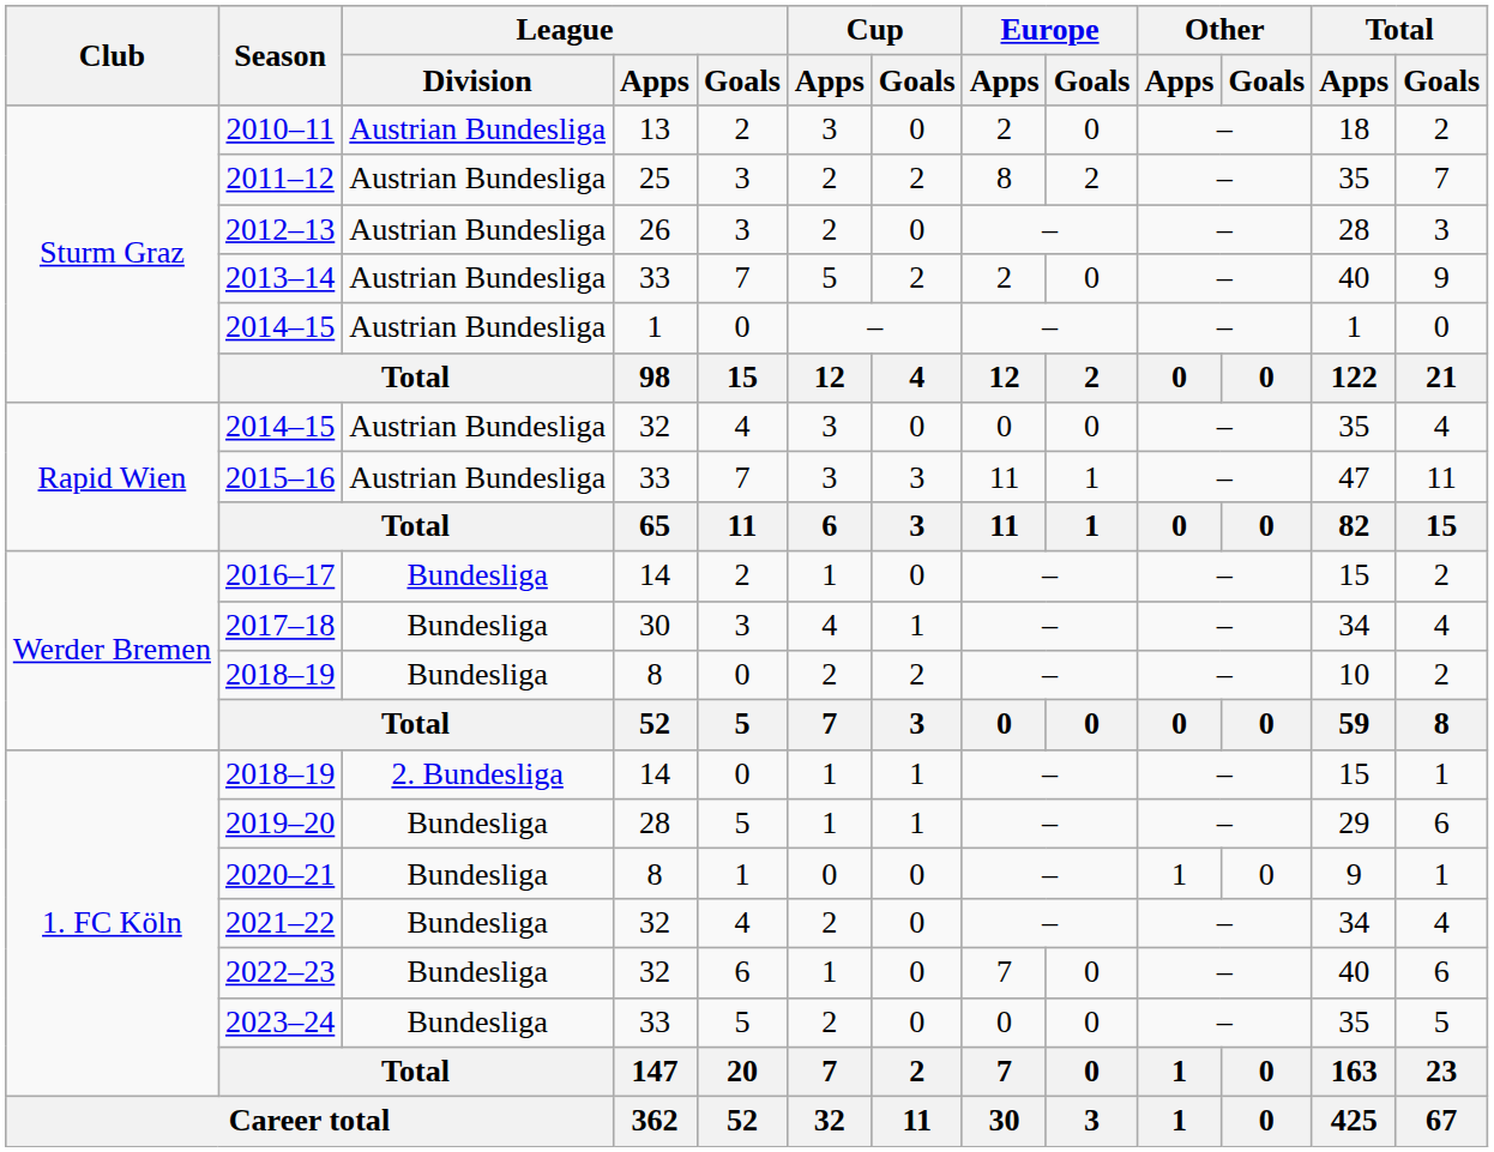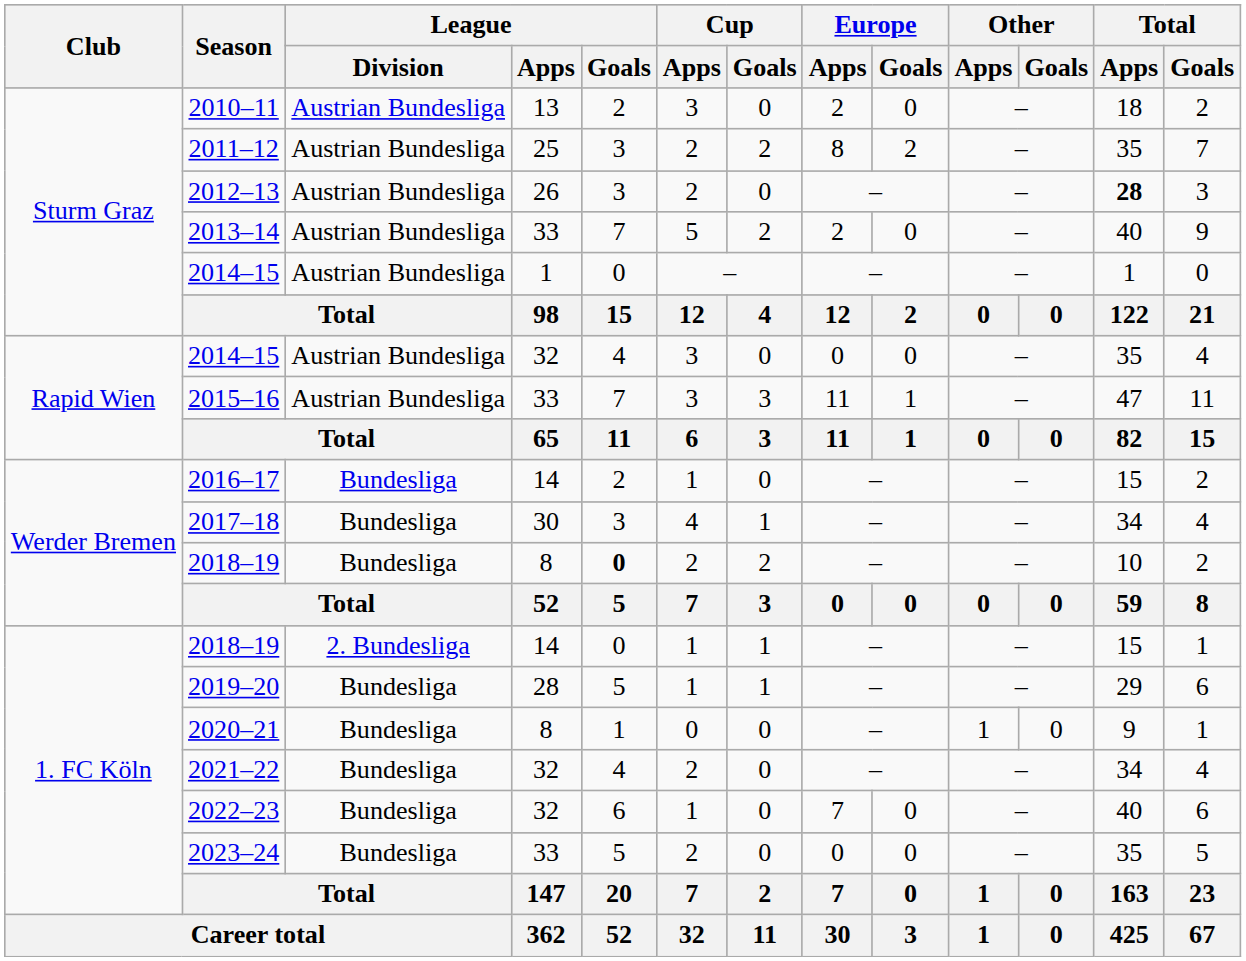 <table class="wikitable" style="text-align: center">
 <tr>
 <th rowspan="2">Club</th>
 <th rowspan="2">Season</th>
 <th colspan="3">League</th>
 <th colspan="2">Cup</th>
 <th colspan="2"><a href='#'>Europe</a></th>
 <th colspan="2">Other</th>
 <th colspan="2">Total</th>
 </tr>
 <tr>
 <th>Division</th>
 <th>Apps</th>
 <th>Goals</th>
 <th>Apps</th>
 <th>Goals</th>
 <th>Apps</th>
 <th>Goals</th>
 <th>Apps</th>
 <th>Goals</th>
 <th>Apps</th>
 <th>Goals</th>
 </tr>
 <tr>
 <td rowspan="6"><a href='#'>Sturm Graz</a></td>
 <td><a href='#'>2010–11</a></td>
 <td><a href='#'>Austrian Bundesliga</a></td>
 <td>13</td>
 <td>2</td>
 <td>3</td>
 <td>0</td>
 <td>2</td>
 <td>0</td>
 <td colspan="2">–</td>
 <td>18</td>
 <td>2</td>
 </tr>
 <tr>
 <td><a href='#'>2011–12</a></td>
 <td>Austrian Bundesliga</td>
 <td>25</td>
 <td>3</td>
 <td>2</td>
 <td>2</td>
 <td>8</td>
 <td>2</td>
 <td colspan="2">–</td>
 <td>35</td>
 <td>7</td>
 </tr>
 <tr>
 <td><a href='#'>2012–13</a></td>
 <td>Austrian Bundesliga</td>
 <td>26</td>
 <td>3</td>
 <td>2</td>
 <td>0</td>
 <td colspan="2">–</td>
 <td colspan="2">–</td>
-<td>28</td>
+<td><strong>28</strong></td>
 <td>3</td>
 </tr>
 <tr>
 <td><a href='#'>2013–14</a></td>
 <td>Austrian Bundesliga</td>
 <td>33</td>
 <td>7</td>
 <td>5</td>
 <td>2</td>
 <td>2</td>
 <td>0</td>
 <td colspan="2">–</td>
 <td>40</td>
 <td>9</td>
 </tr>
 <tr>
 <td><a href='#'>2014–15</a></td>
 <td>Austrian Bundesliga</td>
 <td>1</td>
 <td>0</td>
 <td colspan="2">–</td>
 <td colspan="2">–</td>
 <td colspan="2">–</td>
 <td>1</td>
 <td>0</td>
 </tr>
 <tr>
 <th colspan="2">Total</th>
 <th>98</th>
 <th>15</th>
 <th>12</th>
 <th>4</th>
 <th>12</th>
 <th>2</th>
 <th>0</th>
 <th>0</th>
 <th>122</th>
 <th>21</th>
 </tr>
 <tr>
 <td rowspan="3"><a href='#'>Rapid Wien</a></td>
 <td><a href='#'>2014–15</a></td>
 <td>Austrian Bundesliga</td>
 <td>32</td>
 <td>4</td>
 <td>3</td>
 <td>0</td>
 <td>0</td>
 <td>0</td>
 <td colspan="2">–</td>
 <td>35</td>
 <td>4</td>
 </tr>
 <tr>
 <td><a href='#'>2015–16</a></td>
 <td>Austrian Bundesliga</td>
 <td>33</td>
 <td>7</td>
 <td>3</td>
 <td>3</td>
 <td>11</td>
 <td>1</td>
 <td colspan="2">–</td>
 <td>47</td>
 <td>11</td>
 </tr>
 <tr>
 <th colspan="2">Total</th>
 <th>65</th>
 <th>11</th>
 <th>6</th>
 <th>3</th>
 <th>11</th>
 <th>1</th>
 <th>0</th>
 <th>0</th>
 <th>82</th>
 <th>15</th>
 </tr>
 <tr>
 <td rowspan="4"><a href='#'>Werder Bremen</a></td>
 <td><a href='#'>2016–17</a></td>
 <td><a href='#'>Bundesliga</a></td>
 <td>14</td>
 <td>2</td>
 <td>1</td>
 <td>0</td>
 <td colspan="2">–</td>
 <td colspan="2">–</td>
 <td>15</td>
 <td>2</td>
 </tr>
 <tr>
 <td><a href='#'>2017–18</a></td>
 <td>Bundesliga</td>
 <td>30</td>
 <td>3</td>
 <td>4</td>
 <td>1</td>
 <td colspan="2">–</td>
 <td colspan="2">–</td>
 <td>34</td>
 <td>4</td>
 </tr>
 <tr>
 <td><a href='#'>2018–19</a></td>
 <td>Bundesliga</td>
 <td>8</td>
-<td>0</td>
+<td><strong>0</strong></td>
 <td>2</td>
 <td>2</td>
 <td colspan="2">–</td>
 <td colspan="2">–</td>
 <td>10</td>
 <td>2</td>
 </tr>
 <tr>
 <th colspan="2">Total</th>
 <th>52</th>
 <th>5</th>
 <th>7</th>
 <th>3</th>
 <th>0</th>
 <th>0</th>
 <th>0</th>
 <th>0</th>
 <th>59</th>
 <th>8</th>
 </tr>
 <tr>
 <td rowspan="7"><a href='#'>1. FC Köln</a></td>
 <td><a href='#'>2018–19</a></td>
 <td><a href='#'>2. Bundesliga</a></td>
 <td>14</td>
 <td>0</td>
 <td>1</td>
 <td>1</td>
 <td colspan="2">–</td>
 <td colspan="2">–</td>
 <td>15</td>
 <td>1</td>
 </tr>
 <tr>
 <td><a href='#'>2019–20</a></td>
 <td>Bundesliga</td>
 <td>28</td>
 <td>5</td>
 <td>1</td>
 <td>1</td>
 <td colspan="2">–</td>
 <td colspan="2">–</td>
 <td>29</td>
 <td>6</td>
 </tr>
 <tr>
 <td><a href='#'>2020–21</a></td>
 <td>Bundesliga</td>
 <td>8</td>
 <td>1</td>
 <td>0</td>
 <td>0</td>
 <td colspan="2">–</td>
 <td>1</td>
 <td>0</td>
 <td>9</td>
 <td>1</td>
 </tr>
 <tr>
 <td><a href='#'>2021–22</a></td>
 <td>Bundesliga</td>
 <td>32</td>
 <td>4</td>
 <td>2</td>
 <td>0</td>
 <td colspan="2">–</td>
 <td colspan="2">–</td>
 <td>34</td>
 <td>4</td>
 </tr>
 <tr>
 <td><a href='#'>2022–23</a></td>
 <td>Bundesliga</td>
 <td>32</td>
 <td>6</td>
 <td>1</td>
 <td>0</td>
 <td>7</td>
 <td>0</td>
 <td colspan="2">–</td>
 <td>40</td>
 <td>6</td>
 </tr>
 <tr>
 <td><a href='#'>2023–24</a></td>
 <td>Bundesliga</td>
 <td>33</td>
 <td>5</td>
 <td>2</td>
 <td>0</td>
 <td>0</td>
 <td>0</td>
 <td colspan="2">–</td>
 <td>35</td>
 <td>5</td>
 </tr>
 <tr>
 <th colspan="2">Total</th>
 <th>147</th>
 <th>20</th>
 <th>7</th>
 <th>2</th>
 <th>7</th>
 <th>0</th>
 <th>1</th>
 <th>0</th>
 <th>163</th>
 <th>23</th>
 </tr>
 <tr>
 <th colspan="3">Career total</th>
 <th>362</th>
 <th>52</th>
 <th>32</th>
 <th>11</th>
 <th>30</th>
 <th>3</th>
 <th>1</th>
 <th>0</th>
 <th>425</th>
 <th>67</th>
 </tr>
 </table>
